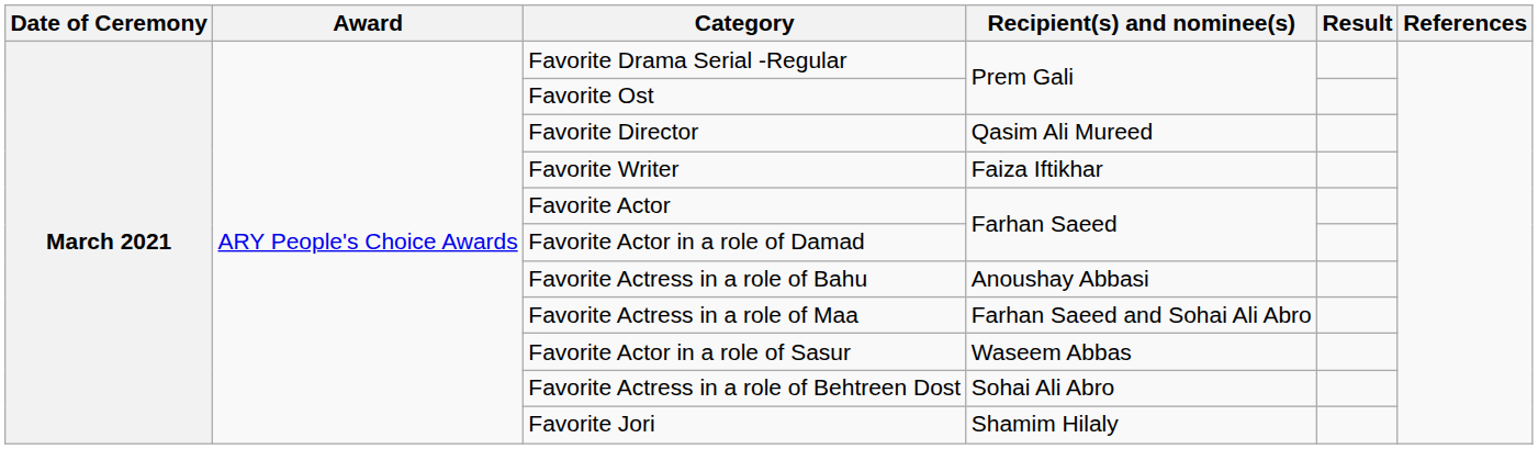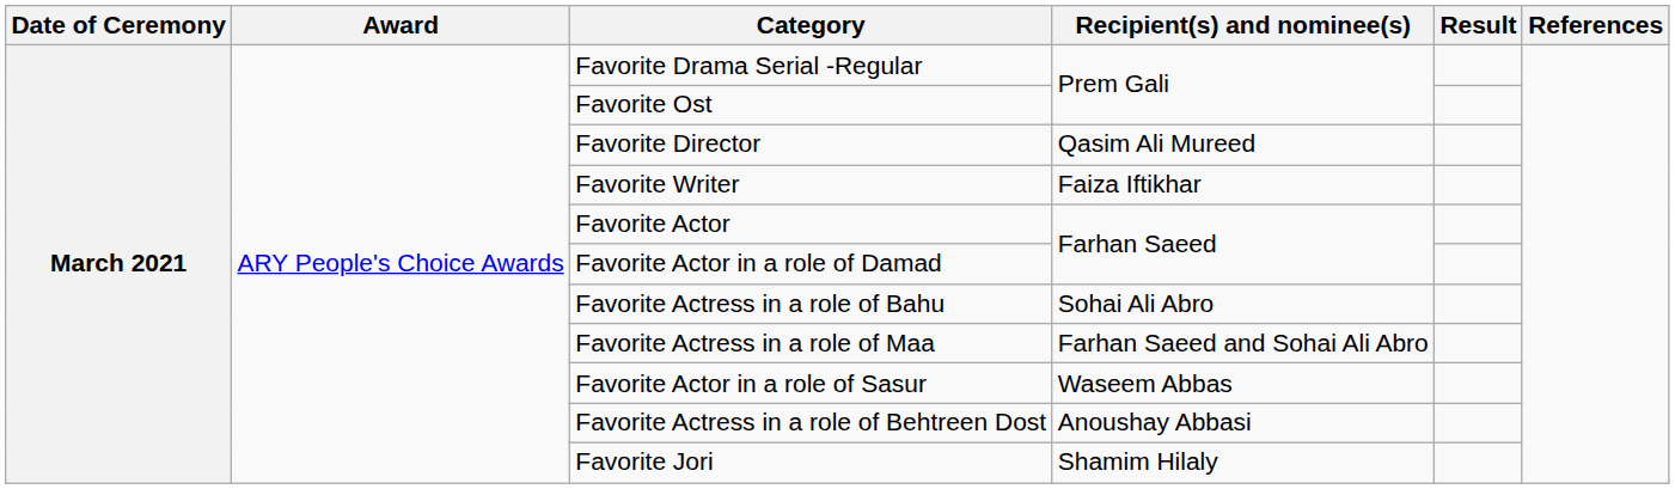 <table class="wikitable sortable">
 <tr>
 <th>Date of Ceremony</th>
 <th>Award</th>
 <th>Category</th>
 <th>Recipient(s) and nominee(s)</th>
 <th>Result</th>
 <th>References</th>
 </tr>
 <tr>
 <th rowspan="12">March 2021</th>
 <td rowspan="12"><a href='#'>ARY People's Choice Awards</a></td>
 <td>Favorite Drama Serial -Regular</td>
 <td rowspan=2>Prem Gali</td>
 <td></td>
 <td rowspan="12"></td>
 </tr>
 <tr>
 <td>Favorite Ost</td>
 <td></td>
 </tr>
 <tr>
 <td>Favorite Director</td>
 <td>Qasim Ali Mureed</td>
 <td></td>
 </tr>
 <tr>
 <td>Favorite Writer</td>
 <td>Faiza Iftikhar</td>
 <td></td>
 </tr>
 <tr>
 <td>Favorite Actor</td>
 <td rowspan=2>Farhan Saeed</td>
 <td></td>
 </tr>
 <tr>
 <td>Favorite Actor in a role of Damad</td>
 <td></td>
 </tr>
 <tr>
 <td>Favorite Actress in a role of Bahu</td>
-<td>Anoushay Abbasi</td>
+<td>Sohai Ali Abro</td>
 <td></td>
 </tr>
 <tr>
 <td>Favorite Actress in a role of Maa</td>
 <td>Farhan Saeed and Sohai Ali Abro</td>
 <td></td>
 </tr>
 <tr>
 <td>Favorite Actor in a role of Sasur</td>
 <td>Waseem Abbas</td>
 <td></td>
 </tr>
 <tr>
 <td>Favorite Actress in a role of Behtreen Dost</td>
-<td>Sohai Ali Abro</td>
+<td>Anoushay Abbasi</td>
 <td></td>
 </tr>
 <tr>
 <td>Favorite Jori</td>
 <td>Shamim Hilaly</td>
 <td></td>
 </tr>
 </table>
